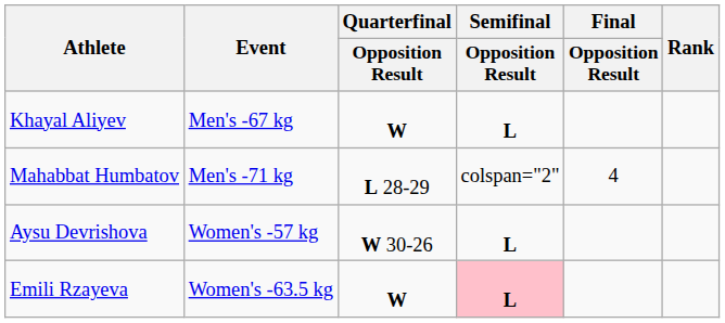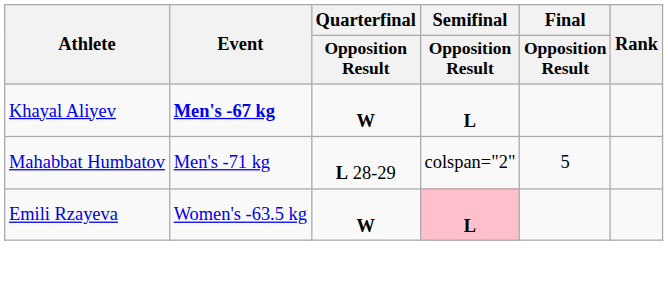 <table class="wikitable" style="text-align:center; font-size:90%">
 <tr>
 <th rowspan="2">Athlete</th>
 <th rowspan="2">Event</th>
 <th>Quarterfinal</th>
 <th>Semifinal</th>
 <th>Final</th>
 <th rowspan="2">Rank</th>
 </tr>
 <tr style="font-size:95%">
 <th>Opposition<br>Result</th>
 <th>Opposition<br>Result</th>
 <th>Opposition<br>Result</th>
 </tr>
 <tr>
 <td align="left"><a href='#'>Khayal Aliyev</a></td>
-<td align="left"><a href='#'>Men's -67 kg</a></td>
+<td align="left"><strong><a href='#'>Men's -67 kg</a></strong></td>
 <td><br><strong>W</strong> </td>
 <td><br><strong>L</strong> </td>
 <td></td>
 <td></td>
 </tr>
 <tr>
 <td align="left"><a href='#'>Mahabbat Humbatov</a></td>
 <td align="left"><a href='#'>Men's -71 kg</a></td>
 <td><br><strong>L</strong> 28-29</td>
 <td>colspan="2" </td>
-<td>4</td>
-</tr>
-<tr>
-<td align="left"><a href='#'>Aysu Devrishova</a></td>
-<td align="left"><a href='#'>Women's -57 kg</a></td>
-<td><br><strong>W</strong> 30-26</td>
-<td><br><strong>L</strong></td>
-<td></td>
-<td></td>
+<td>5</td>
 </tr>
 <tr>
 <td align="left"><a href='#'>Emili Rzayeva</a></td>
 <td align="left"><a href='#'>Women's -63.5 kg</a></td>
 <td><br><strong>W</strong> </td>
 <td style="background: pink;"><br><strong>L</strong> </td>
 <td></td>
 <td></td>
 </tr>
 </table>
